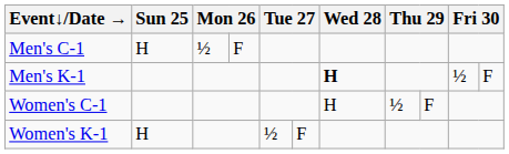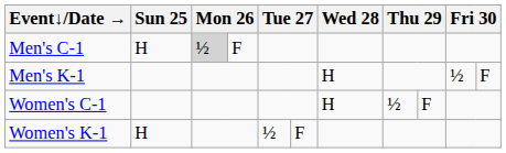 <table class="wikitable olympic-schedule canoeing">
 <tr>
 <th>Event↓/Date →</th>
 <th>Sun 25</th>
 <th colspan="2">Mon 26</th>
 <th colspan="2">Tue 27</th>
 <th>Wed 28</th>
 <th colspan="2">Thu 29</th>
 <th colspan="2">Fri 30</th>
 </tr>
 <tr>
 <td class="event"><a href='#'>Men's C-1</a></td>
 <td class="heats">H</td>
-<td class="semifinals">½</td>
+<td class="semifinals" style="background: lightgrey;">½</td>
 <td class="final">F</td>
 <td colspan="2"></td>
 <td></td>
 <td colspan="2"></td>
 <td colspan="2"></td>
 </tr>
 <tr>
 <td class="event"><a href='#'>Men's K-1</a></td>
 <td></td>
 <td colspan="2"></td>
 <td colspan="2"></td>
-<td class="heats"><strong>H</strong></td>
+<td class="heats">H</td>
 <td colspan="2"></td>
 <td class="semifinals">½</td>
 <td class="final">F</td>
 </tr>
 <tr>
 <td class="event"><a href='#'>Women's C-1</a></td>
 <td></td>
 <td colspan="2"></td>
 <td colspan="2"></td>
 <td class="heats">H</td>
 <td class="semifinals">½</td>
 <td class="final">F</td>
 <td colspan="2"></td>
 </tr>
 <tr>
 <td class="event"><a href='#'>Women's K-1</a></td>
 <td class="heats">H</td>
 <td colspan="2"></td>
 <td class="semifinals">½</td>
 <td class="final">F</td>
 <td></td>
 <td colspan="2"></td>
 <td colspan="2"></td>
 </tr>
 </table>
